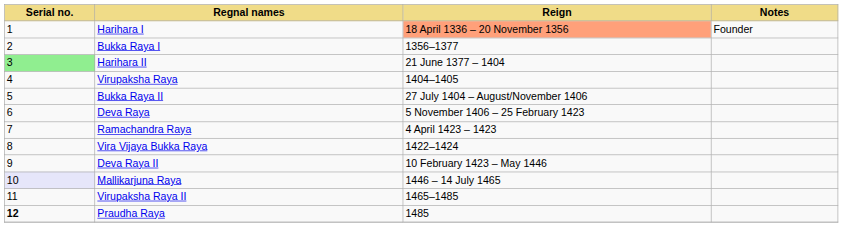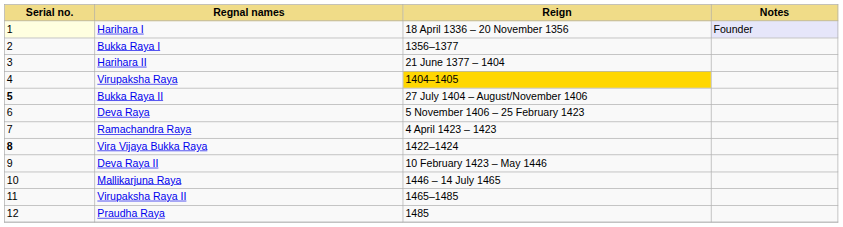 <table style="width:100%;" class="wikitable">
 <tr>
 <th style="background:#f0dc88; width:5%;">Serial no.</th>
 <th style="background:#f0dc88; width:17%;">Regnal names</th>
 <th style="background:#f0dc88; width:17%;">Reign</th>
 <th style="background:#f0dc88; width:7%;">Notes</th>
 </tr>
 <tr>
-<td>1</td>
+<td style="background: lightyellow;">1</td>
 <td><a href='#'>Harihara I</a></td>
-<td style="background: lightsalmon;">18 April 1336 – 20 November 1356</td>
-<td>Founder</td>
+<td>18 April 1336 – 20 November 1356</td>
+<td style="background: lavender;">Founder</td>
 </tr>
 <tr>
 <td>2</td>
 <td><a href='#'>Bukka Raya I</a></td>
 <td>1356–1377</td>
 <td></td>
 </tr>
 <tr>
-<td style="background: lightgreen;">3</td>
+<td>3</td>
 <td><a href='#'>Harihara II</a></td>
 <td>21 June 1377 – 1404</td>
 <td></td>
 </tr>
 <tr>
 <td>4</td>
 <td><a href='#'>Virupaksha Raya</a></td>
-<td>1404–1405</td>
+<td style="background: gold;">1404–1405</td>
 <td></td>
 </tr>
 <tr>
-<td>5</td>
+<td><strong>5</strong></td>
 <td><a href='#'>Bukka Raya II</a></td>
 <td>27 July 1404 – August/November 1406</td>
 <td></td>
 </tr>
 <tr>
 <td>6</td>
 <td><a href='#'>Deva Raya</a></td>
 <td>5 November 1406 – 25 February 1423</td>
 <td></td>
 </tr>
 <tr>
 <td>7</td>
 <td><a href='#'>Ramachandra Raya</a></td>
 <td>4 April 1423 – 1423</td>
 <td></td>
 </tr>
 <tr>
-<td>8</td>
+<td><strong>8</strong></td>
 <td><a href='#'>Vira Vijaya Bukka Raya</a></td>
 <td>1422–1424</td>
 <td></td>
 </tr>
 <tr>
 <td>9</td>
 <td><a href='#'>Deva Raya II</a></td>
 <td>10 February 1423 – May 1446</td>
 <td></td>
 </tr>
 <tr>
-<td style="background: lavender;">10</td>
+<td>10</td>
 <td><a href='#'>Mallikarjuna Raya</a></td>
 <td>1446 – 14 July 1465</td>
 <td></td>
 </tr>
 <tr>
 <td>11</td>
 <td><a href='#'>Virupaksha Raya II</a></td>
 <td>1465–1485</td>
 <td></td>
 </tr>
 <tr>
-<td><strong>12</strong></td>
+<td>12</td>
 <td><a href='#'>Praudha Raya</a></td>
 <td>1485</td>
 <td></td>
 </tr>
 <tr>
 </tr>
 </table>
